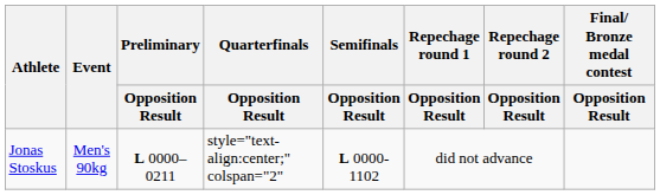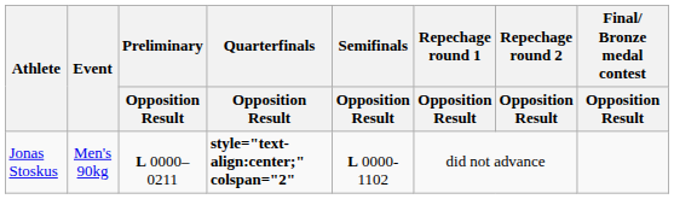 <table class= wikitable style="font-size:90%">
 <tr>
 <th rowspan="2">Athlete</th>
 <th rowspan="2">Event</th>
 <th>Preliminary</th>
 <th>Quarterfinals</th>
 <th>Semifinals</th>
 <th>Repechage <br>round 1</th>
 <th>Repechage <br>round 2</th>
 <th>Final/<br>Bronze medal contest</th>
 </tr>
 <tr>
 <th>Opposition<br>Result</th>
 <th>Opposition<br>Result</th>
 <th>Opposition<br>Result</th>
 <th>Opposition<br>Result</th>
 <th>Opposition<br>Result</th>
 <th>Opposition<br>Result</th>
 </tr>
 <tr>
 <td><a href='#'>Jonas Stoskus</a></td>
 <td style="text-align:center;"><a href='#'>Men's 90kg</a></td>
 <td style="text-align:center;"><br> <strong>L</strong> 0000–0211</td>
-<td>style="text-align:center;" colspan="2" </td>
+<td><strong>style="text-align:center;" colspan="2" </strong></td>
 <td style="text-align:center;"><br> <strong>L</strong> 0000-1102</td>
 <td style="text-align:center;" colspan="2">did not advance</td>
 </tr>
 </table>
